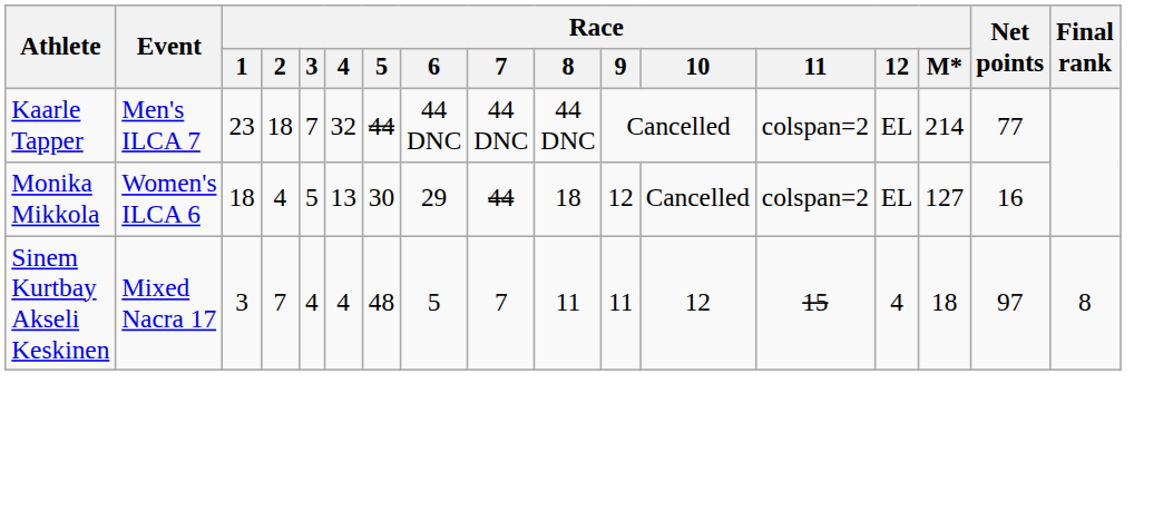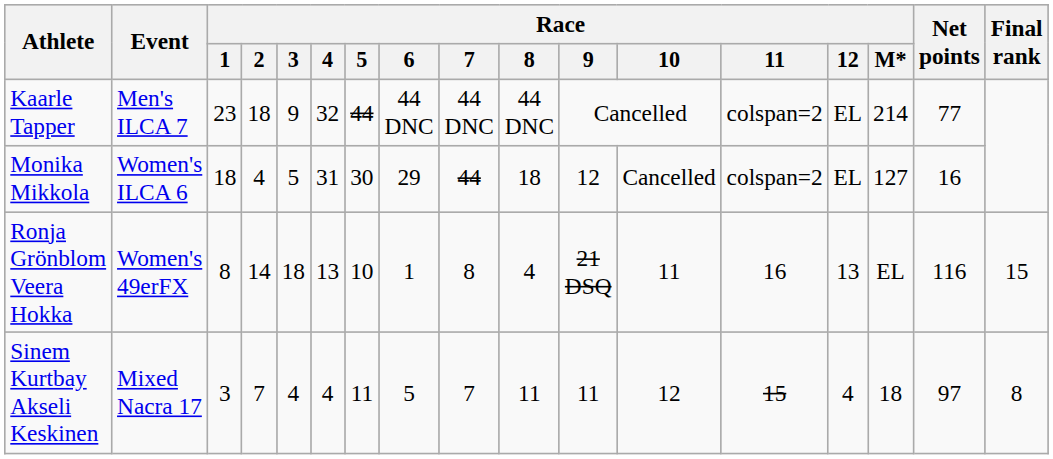 <table class="wikitable" style="font-size:90%">
 <tr>
 <th rowspan="2">Athlete</th>
 <th rowspan="2">Event</th>
 <th colspan=13>Race</th>
 <th rowspan=2>Net points</th>
 <th rowspan=2>Final rank</th>
 </tr>
 <tr style="font-size:95%">
 <th>1</th>
 <th>2</th>
 <th>3</th>
 <th>4</th>
 <th>5</th>
 <th>6</th>
 <th>7</th>
 <th>8</th>
 <th>9</th>
 <th>10</th>
 <th>11</th>
 <th>12</th>
 <th>M*</th>
 </tr>
 <tr align=center>
 <td align=left><a href='#'>Kaarle Tapper</a></td>
 <td align=left><a href='#'>Men's ILCA 7</a></td>
 <td>23</td>
 <td>18</td>
-<td>7</td>
+<td>9</td>
 <td>32</td>
 <td><s>44 </s></td>
 <td>44 DNC</td>
 <td>44 DNC</td>
 <td>44 DNC</td>
 <td colspan=2>Cancelled</td>
 <td>colspan=2 </td>
 <td>EL</td>
 <td>214</td>
 <td>77</td>
 </tr>
 <tr align=center>
 <td align=left><a href='#'>Monika Mikkola</a></td>
 <td align=left><a href='#'>Women's ILCA 6</a></td>
 <td>18</td>
 <td>4</td>
 <td>5</td>
-<td>13</td>
+<td>31</td>
 <td>30</td>
 <td>29</td>
 <td><s>44 </s></td>
 <td>18</td>
 <td>12</td>
 <td>Cancelled</td>
 <td>colspan=2 </td>
 <td>EL</td>
 <td>127</td>
 <td>16</td>
 </tr>
 <tr align=center>
+<td align=left><a href='#'>Ronja Grönblom</a><br><a href='#'>Veera Hokka</a></td>
+<td align=left><a href='#'>Women's 49erFX</a></td>
+<td>8</td>
+<td>14</td>
+<td>18</td>
+<td>13</td>
+<td>10</td>
+<td>1</td>
+<td>8</td>
+<td>4</td>
+<td><s>21<br>DSQ</s></td>
+<td>11</td>
+<td>16</td>
+<td>13</td>
+<td>EL</td>
+<td>116</td>
+<td>15</td>
+</tr>
+<tr align=center>
 <td align=left><a href='#'>Sinem Kurtbay</a><br><a href='#'>Akseli Keskinen</a></td>
 <td align=left><a href='#'>Mixed Nacra 17</a></td>
 <td>3</td>
 <td>7</td>
 <td>4</td>
 <td>4</td>
-<td>48</td>
+<td>11</td>
 <td>5</td>
 <td>7</td>
 <td>11</td>
 <td>11</td>
 <td>12</td>
 <td><s>15</s></td>
 <td>4</td>
 <td>18</td>
 <td>97</td>
 <td>8</td>
 </tr>
 </table>
